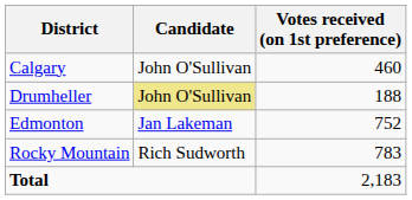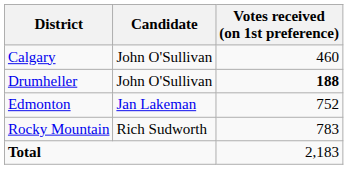 <table class="wikitable">
 <tr>
 <th>District</th>
 <th>Candidate</th>
 <th>Votes received<br>(on 1st preference)</th>
 </tr>
 <tr>
 <td><a href='#'>Calgary</a></td>
 <td>John O'Sullivan</td>
 <td style="text-align:right;">460</td>
 </tr>
 <tr>
 <td><a href='#'>Drumheller</a></td>
-<td style="background: khaki;">John O'Sullivan</td>
-<td style="text-align:right;">188</td>
+<td>John O'Sullivan</td>
+<td style="text-align:right;"><strong>188</strong></td>
 </tr>
 <tr>
 <td><a href='#'>Edmonton</a></td>
 <td><a href='#'>Jan Lakeman</a></td>
 <td style="text-align:right;">752</td>
 </tr>
 <tr>
 <td><a href='#'>Rocky Mountain</a></td>
 <td>Rich Sudworth</td>
 <td style="text-align:right;">783</td>
 </tr>
 <tr>
 <td colspan="2"><strong>Total</strong></td>
 <td style="text-align:right;">2,183</td>
 </tr>
 </table>
